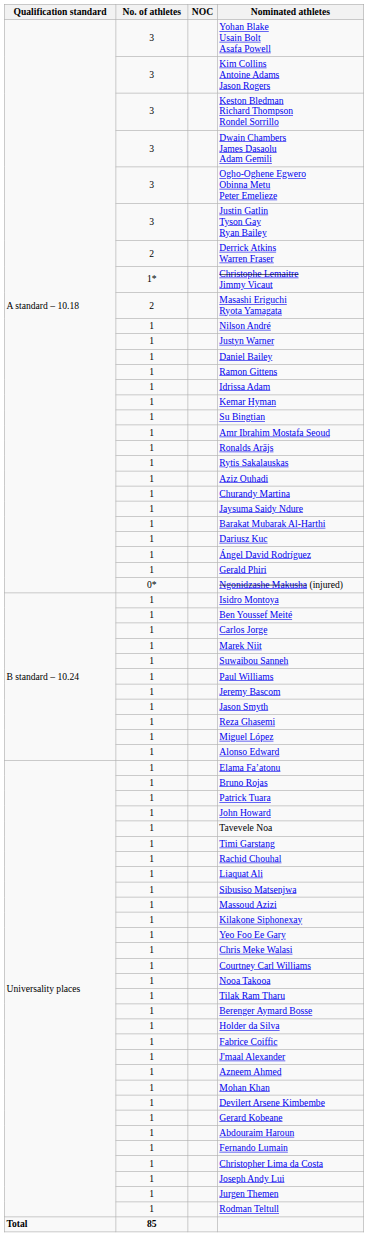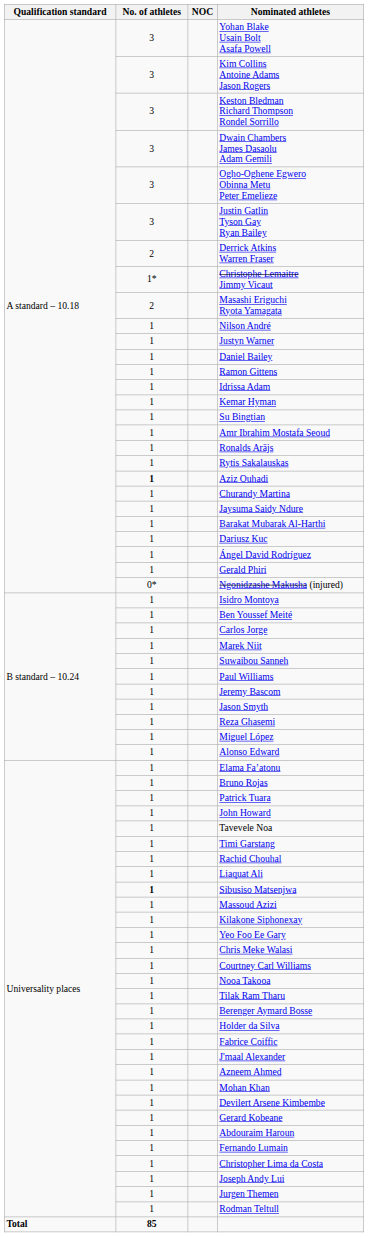 <table class="wikitable"  style="text-align:left; width:600px;">
 <tr>
 <th>Qualification standard</th>
 <th>No. of athletes</th>
 <th>NOC</th>
 <th>Nominated athletes</th>
 </tr>
 <tr>
 <td rowspan="27">A standard – 10.18</td>
 <td align=center>3</td>
 <td></td>
 <td><a href='#'>Yohan Blake</a><br><a href='#'>Usain Bolt</a><br><a href='#'>Asafa Powell</a></td>
 </tr>
 <tr>
 <td align=center>3</td>
 <td></td>
 <td><a href='#'>Kim Collins</a><br><a href='#'>Antoine Adams</a><br><a href='#'>Jason Rogers</a></td>
 </tr>
 <tr>
 <td align=center>3</td>
 <td></td>
 <td><a href='#'>Keston Bledman</a><br><a href='#'>Richard Thompson</a><br><a href='#'>Rondel Sorrillo</a></td>
 </tr>
 <tr>
 <td align=center>3</td>
 <td></td>
 <td><a href='#'>Dwain Chambers</a><br><a href='#'>James Dasaolu</a><br><a href='#'>Adam Gemili</a></td>
 </tr>
 <tr>
 <td align=center>3</td>
 <td></td>
 <td><a href='#'>Ogho-Oghene Egwero</a><br><a href='#'>Obinna Metu</a><br><a href='#'>Peter Emelieze</a></td>
 </tr>
 <tr>
 <td align=center>3</td>
 <td></td>
 <td><a href='#'>Justin Gatlin</a><br><a href='#'>Tyson Gay</a><br><a href='#'>Ryan Bailey</a></td>
 </tr>
 <tr>
 <td align=center>2</td>
 <td></td>
 <td><a href='#'>Derrick Atkins</a><br><a href='#'>Warren Fraser</a></td>
 </tr>
 <tr>
 <td align=center>1*</td>
 <td></td>
 <td><s><a href='#'>Christophe Lemaitre</a></s><br><a href='#'>Jimmy Vicaut</a></td>
 </tr>
 <tr>
 <td align=center>2</td>
 <td></td>
 <td><a href='#'>Masashi Eriguchi</a><br><a href='#'>Ryota Yamagata</a></td>
 </tr>
 <tr>
 <td align=center>1</td>
 <td></td>
 <td><a href='#'>Nilson André</a></td>
 </tr>
 <tr>
 <td align=center>1</td>
 <td></td>
 <td><a href='#'>Justyn Warner</a></td>
 </tr>
 <tr>
 <td align=center>1</td>
 <td></td>
 <td><a href='#'>Daniel Bailey</a></td>
 </tr>
 <tr>
 <td align=center>1</td>
 <td></td>
 <td><a href='#'>Ramon Gittens</a></td>
 </tr>
 <tr>
 <td align=center>1</td>
 <td></td>
 <td><a href='#'>Idrissa Adam</a></td>
 </tr>
 <tr>
 <td align=center>1</td>
 <td></td>
 <td><a href='#'>Kemar Hyman</a></td>
 </tr>
 <tr>
 <td align=center>1</td>
 <td></td>
 <td><a href='#'>Su Bingtian</a></td>
 </tr>
 <tr>
 <td align=center>1</td>
 <td></td>
 <td><a href='#'>Amr Ibrahim Mostafa Seoud</a></td>
 </tr>
 <tr>
 <td align=center>1</td>
 <td></td>
 <td><a href='#'>Ronalds Arājs</a></td>
 </tr>
 <tr>
 <td align=center>1</td>
 <td></td>
 <td><a href='#'>Rytis Sakalauskas</a></td>
 </tr>
 <tr>
-<td align=center>1</td>
+<td align=center><strong>1</strong></td>
 <td></td>
 <td><a href='#'>Aziz Ouhadi</a></td>
 </tr>
 <tr>
 <td align=center>1</td>
 <td></td>
 <td><a href='#'>Churandy Martina</a></td>
 </tr>
 <tr>
 <td align=center>1</td>
 <td></td>
 <td><a href='#'>Jaysuma Saidy Ndure</a></td>
 </tr>
 <tr>
 <td align=center>1</td>
 <td></td>
 <td><a href='#'>Barakat Mubarak Al-Harthi</a></td>
 </tr>
 <tr>
 <td align=center>1</td>
 <td></td>
 <td><a href='#'>Dariusz Kuc</a></td>
 </tr>
 <tr>
 <td align=center>1</td>
 <td></td>
 <td><a href='#'>Ángel David Rodríguez</a></td>
 </tr>
 <tr>
 <td align=center>1</td>
 <td></td>
 <td><a href='#'>Gerald Phiri</a></td>
 </tr>
 <tr>
 <td align=center>0*</td>
 <td></td>
 <td><s><a href='#'>Ngonidzashe Makusha</a></s> (injured)</td>
 </tr>
 <tr>
 <td rowspan="11">B standard – 10.24</td>
 <td align=center>1</td>
 <td></td>
 <td><a href='#'>Isidro Montoya</a></td>
 </tr>
 <tr>
 <td align=center>1</td>
 <td></td>
 <td><a href='#'>Ben Youssef Meité</a></td>
 </tr>
 <tr>
 <td align=center>1</td>
 <td></td>
 <td><a href='#'>Carlos Jorge</a></td>
 </tr>
 <tr>
 <td align=center>1</td>
 <td></td>
 <td><a href='#'>Marek Niit</a></td>
 </tr>
 <tr>
 <td align=center>1</td>
 <td></td>
 <td><a href='#'>Suwaibou Sanneh</a></td>
 </tr>
 <tr>
 <td align=center>1</td>
 <td></td>
 <td><a href='#'>Paul Williams</a></td>
 </tr>
 <tr>
 <td align=center>1</td>
 <td></td>
 <td><a href='#'>Jeremy Bascom</a></td>
 </tr>
 <tr>
 <td align=center>1</td>
 <td></td>
 <td><a href='#'>Jason Smyth</a></td>
 </tr>
 <tr>
 <td align=center>1</td>
 <td></td>
 <td><a href='#'>Reza Ghasemi</a></td>
 </tr>
 <tr>
 <td align=center>1</td>
 <td></td>
 <td><a href='#'>Miguel López</a></td>
 </tr>
 <tr>
 <td align=center>1</td>
 <td></td>
 <td><a href='#'>Alonso Edward</a></td>
 </tr>
 <tr>
 <td rowspan="30">Universality places</td>
 <td align=center>1</td>
 <td></td>
 <td><a href='#'>Elama Fa’atonu</a></td>
 </tr>
 <tr>
 <td align=center>1</td>
 <td></td>
 <td><a href='#'>Bruno Rojas</a></td>
 </tr>
 <tr>
 <td align=center>1</td>
 <td></td>
 <td><a href='#'>Patrick Tuara</a></td>
 </tr>
 <tr>
 <td align=center>1</td>
 <td></td>
 <td><a href='#'>John Howard</a></td>
 </tr>
 <tr>
 <td align=center>1</td>
 <td></td>
 <td>Tavevele Noa</td>
 </tr>
 <tr>
 <td align=center>1</td>
 <td></td>
 <td><a href='#'>Timi Garstang</a></td>
 </tr>
 <tr>
 <td align=center>1</td>
 <td></td>
 <td><a href='#'>Rachid Chouhal</a></td>
 </tr>
 <tr>
 <td align=center>1</td>
 <td></td>
 <td><a href='#'>Liaquat Ali</a></td>
 </tr>
 <tr>
-<td align=center>1</td>
+<td align=center><strong>1</strong></td>
 <td></td>
 <td><a href='#'>Sibusiso Matsenjwa</a></td>
 </tr>
 <tr>
 <td align=center>1</td>
 <td></td>
 <td><a href='#'>Massoud Azizi</a></td>
 </tr>
 <tr>
 <td align=center>1</td>
 <td></td>
 <td><a href='#'>Kilakone Siphonexay</a></td>
 </tr>
 <tr>
 <td align=center>1</td>
 <td></td>
 <td><a href='#'>Yeo Foo Ee Gary</a></td>
 </tr>
 <tr>
 <td align=center>1</td>
 <td></td>
 <td><a href='#'>Chris Meke Walasi</a></td>
 </tr>
 <tr>
 <td align=center>1</td>
 <td></td>
 <td><a href='#'>Courtney Carl Williams</a></td>
 </tr>
 <tr>
 <td align=center>1</td>
 <td></td>
 <td><a href='#'>Nooa Takooa</a></td>
 </tr>
 <tr>
 <td align=center>1</td>
 <td></td>
 <td><a href='#'>Tilak Ram Tharu</a></td>
 </tr>
 <tr>
 <td align=center>1</td>
 <td></td>
 <td><a href='#'>Berenger Aymard Bosse</a></td>
 </tr>
 <tr>
 <td align=center>1</td>
 <td></td>
 <td><a href='#'>Holder da Silva</a></td>
 </tr>
 <tr>
 <td align=center>1</td>
 <td></td>
 <td><a href='#'>Fabrice Coiffic</a></td>
 </tr>
 <tr>
 <td align=center>1</td>
 <td></td>
 <td><a href='#'>J'maal Alexander</a></td>
 </tr>
 <tr>
 <td align=center>1</td>
 <td></td>
 <td><a href='#'>Azneem Ahmed</a></td>
 </tr>
 <tr>
 <td align=center>1</td>
 <td></td>
 <td><a href='#'>Mohan Khan</a></td>
 </tr>
 <tr>
 <td align=center>1</td>
 <td></td>
 <td><a href='#'>Devilert Arsene Kimbembe</a></td>
 </tr>
 <tr>
 <td align=center>1</td>
 <td></td>
 <td><a href='#'>Gerard Kobeane</a></td>
 </tr>
 <tr>
 <td align=center>1</td>
 <td></td>
 <td><a href='#'>Abdouraim Haroun</a></td>
 </tr>
 <tr>
 <td align=center>1</td>
 <td></td>
 <td><a href='#'>Fernando Lumain</a></td>
 </tr>
 <tr>
 <td align=center>1</td>
 <td></td>
 <td><a href='#'>Christopher Lima da Costa</a></td>
 </tr>
 <tr>
 <td align=center>1</td>
 <td></td>
 <td><a href='#'>Joseph Andy Lui</a></td>
 </tr>
 <tr>
 <td align=center>1</td>
 <td></td>
 <td><a href='#'>Jurgen Themen</a></td>
 </tr>
 <tr>
 <td align=center>1</td>
 <td></td>
 <td><a href='#'>Rodman Teltull</a></td>
 </tr>
 <tr>
 <td><strong>Total</strong></td>
 <td align=center><strong>85</strong></td>
 <td></td>
 <td></td>
 </tr>
 </table>
